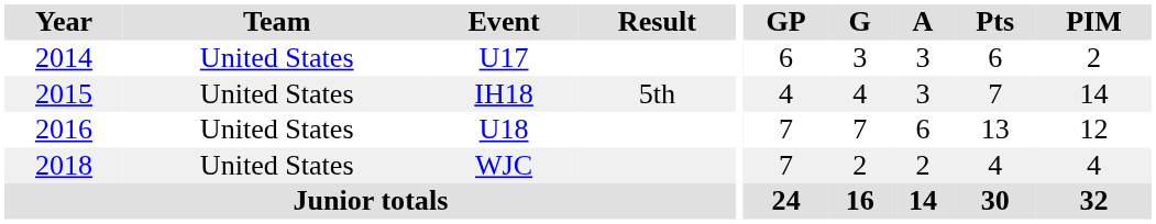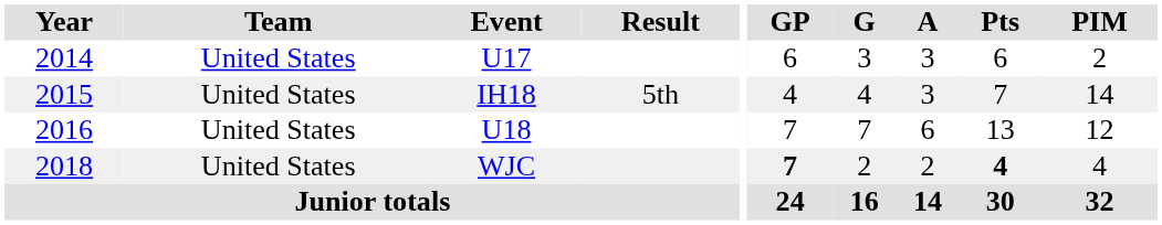 <table border="0" cellpadding="1" cellspacing="0" ID="Table3" style="text-align:center; width:40em">
 <tr ALIGN="center" bgcolor="#e0e0e0">
 <th>Year</th>
 <th>Team</th>
 <th>Event</th>
 <th>Result</th>
 <th rowspan="99" bgcolor="#ffffff"></th>
 <th>GP</th>
 <th>G</th>
 <th>A</th>
 <th>Pts</th>
 <th>PIM</th>
 </tr>
 <tr>
 <td><a href='#'>2014</a></td>
 <td><a href='#'>United States</a></td>
 <td><a href='#'>U17</a></td>
 <td></td>
 <td>6</td>
 <td>3</td>
 <td>3</td>
 <td>6</td>
 <td>2</td>
 </tr>
 <tr bgcolor="#f0f0f0">
 <td><a href='#'>2015</a></td>
 <td>United States</td>
 <td><a href='#'>IH18</a></td>
 <td>5th</td>
 <td>4</td>
 <td>4</td>
 <td>3</td>
 <td>7</td>
 <td>14</td>
 </tr>
 <tr>
 <td><a href='#'>2016</a></td>
 <td>United States</td>
 <td><a href='#'>U18</a></td>
 <td></td>
 <td>7</td>
 <td>7</td>
 <td>6</td>
 <td>13</td>
 <td>12</td>
 </tr>
 <tr bgcolor="#f0f0f0">
 <td><a href='#'>2018</a></td>
 <td>United States</td>
 <td><a href='#'>WJC</a></td>
 <td></td>
-<td>7</td>
+<td><strong>7</strong></td>
 <td>2</td>
 <td>2</td>
-<td>4</td>
+<td><strong>4</strong></td>
 <td>4</td>
 </tr>
 <tr bgcolor="#e0e0e0">
 <th colspan="4">Junior totals</th>
 <th>24</th>
 <th>16</th>
 <th>14</th>
 <th>30</th>
 <th>32</th>
 </tr>
 </table>
